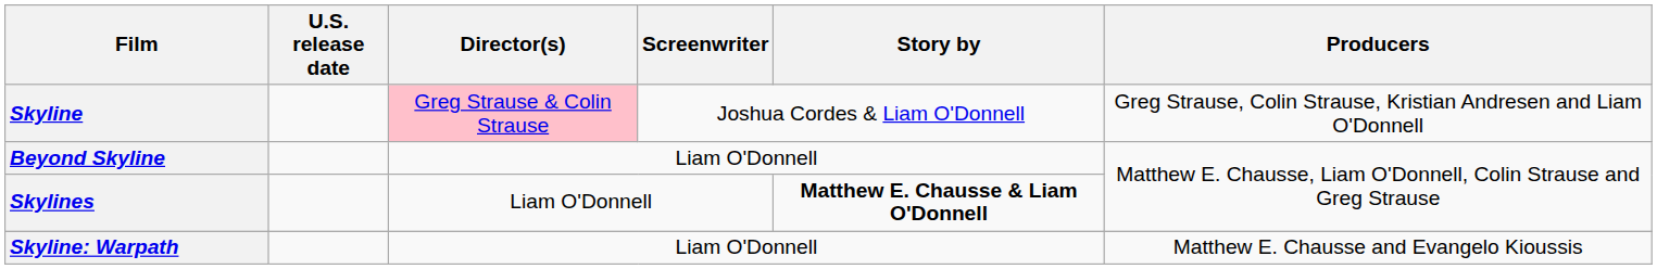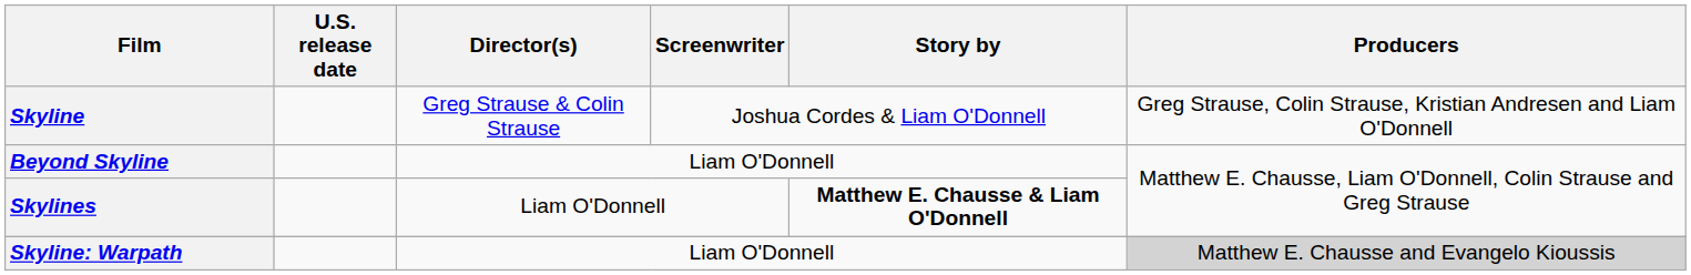 <table class="wikitable plainrowheaders" style="text-align:center" width=100%>
 <tr>
 <th scope="col" style="width:16%;">Film</th>
 <th scope="col">U.S. <br>release date</th>
 <th scope="col">Director(s)</th>
 <th scope="col">Screenwriter</th>
 <th scope="col">Story by</th>
 <th scope="col">Producers</th>
 </tr>
 <tr>
 <th scope="row" style="text-align:left"><em><a href='#'>Skyline</a></em></th>
 <td style="text-align:center"></td>
-<td style="background: pink;"><a href='#'>Greg Strause & Colin Strause</a></td>
+<td><a href='#'>Greg Strause & Colin Strause</a></td>
 <td colspan="2">Joshua Cordes & <a href='#'>Liam O'Donnell</a></td>
 <td>Greg Strause, Colin Strause, Kristian Andresen and Liam O'Donnell</td>
 </tr>
 <tr>
 <th scope="row" style="text-align:left"><em><a href='#'>Beyond Skyline</a></em></th>
 <td style="text-align:center"></td>
 <td colspan="3">Liam O'Donnell</td>
 <td rowspan="2">Matthew E. Chausse, Liam O'Donnell, Colin Strause and Greg Strause</td>
 </tr>
 <tr>
 <th scope="row" style="text-align:left"><em><a href='#'>Skylines</a></em></th>
 <td style="text-align:center"></td>
 <td colspan="2">Liam O'Donnell</td>
 <td><strong>Matthew E. Chausse & Liam O'Donnell</strong></td>
 </tr>
 <tr>
 </tr>
 <tr>
 <th scope="row" style="text-align:left"><em><a href='#'>Skyline: Warpath</a></em></th>
 <td></td>
 <td colspan="3">Liam O'Donnell</td>
-<td>Matthew E. Chausse and Evangelo Kioussis</td>
+<td style="background: lightgrey;">Matthew E. Chausse and Evangelo Kioussis</td>
 </tr>
 </table>
